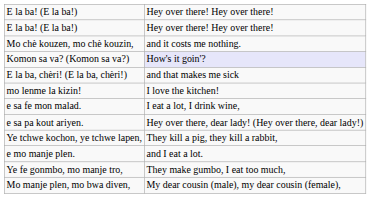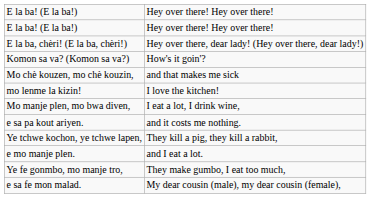 <table class="wikitable">
 <tr>
 <td>E la ba! (E la ba!)</td>
 <td>Hey over there! Hey over there!</td>
 </tr>
 <tr>
 <td>E la ba! (E la ba!)</td>
 <td>Hey over there! Hey over there!</td>
 </tr>
 <tr>
-<td>Mo chè kouzen, mo chè kouzin,</td>
-<td>and it costs me nothing.</td>
+<td>E la ba, chèri! (E la ba, chèri!)</td>
+<td>Hey over there, dear lady! (Hey over there, dear lady!)</td>
 </tr>
 <tr>
 <td>Komon sa va? (Komon sa va?)</td>
-<td style="background: lavender;">How's it goin'?</td>
+<td>How's it goin'?</td>
 </tr>
 <tr>
-<td>E la ba, chèri! (E la ba, chèri!)</td>
+<td>Mo chè kouzen, mo chè kouzin,</td>
 <td>and that makes me sick</td>
 </tr>
 <tr>
 <td>mo lenme la kizin!</td>
 <td>I love the kitchen!</td>
 </tr>
 <tr>
-<td>e sa fe mon malad.</td>
+<td>Mo manje plen, mo bwa diven,</td>
 <td>I eat a lot, I drink wine,</td>
 </tr>
 <tr>
 <td>e sa pa kout ariyen.</td>
-<td>Hey over there, dear lady! (Hey over there, dear lady!)</td>
+<td>and it costs me nothing.</td>
 </tr>
 <tr>
 <td>Ye tchwe kochon, ye tchwe lapen,</td>
 <td>They kill a pig, they kill a rabbit,</td>
 </tr>
 <tr>
 <td>e mo manje plen.</td>
 <td>and I eat a lot.</td>
 </tr>
 <tr>
 <td>Ye fe gonmbo, mo manje tro,</td>
 <td>They make gumbo, I eat too much,</td>
 </tr>
 <tr>
-<td>Mo manje plen, mo bwa diven,</td>
+<td>e sa fe mon malad.</td>
 <td>My dear cousin (male), my dear cousin (female),</td>
 </tr>
 </table>
